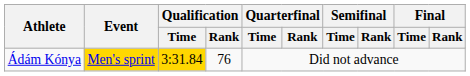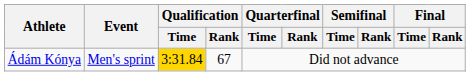 <table class="wikitable" style="font-size:90%">
 <tr>
 <th rowspan="2">Athlete</th>
 <th rowspan="2">Event</th>
 <th colspan="2">Qualification</th>
 <th colspan="2">Quarterfinal</th>
 <th colspan="2">Semifinal</th>
 <th colspan="2">Final</th>
 </tr>
 <tr style="font-size:95%">
 <th>Time</th>
 <th>Rank</th>
 <th>Time</th>
 <th>Rank</th>
 <th>Time</th>
 <th>Rank</th>
 <th>Time</th>
 <th>Rank</th>
 </tr>
 <tr align=center>
 <td align=left><a href='#'>Ádám Kónya</a></td>
-<td align=left style="background: gold;"><a href='#'>Men's sprint</a></td>
+<td align=left><a href='#'>Men's sprint</a></td>
 <td style="background: gold;">3:31.84</td>
-<td>76</td>
+<td>67</td>
 <td colspan=6>Did not advance</td>
 </tr>
 </table>
